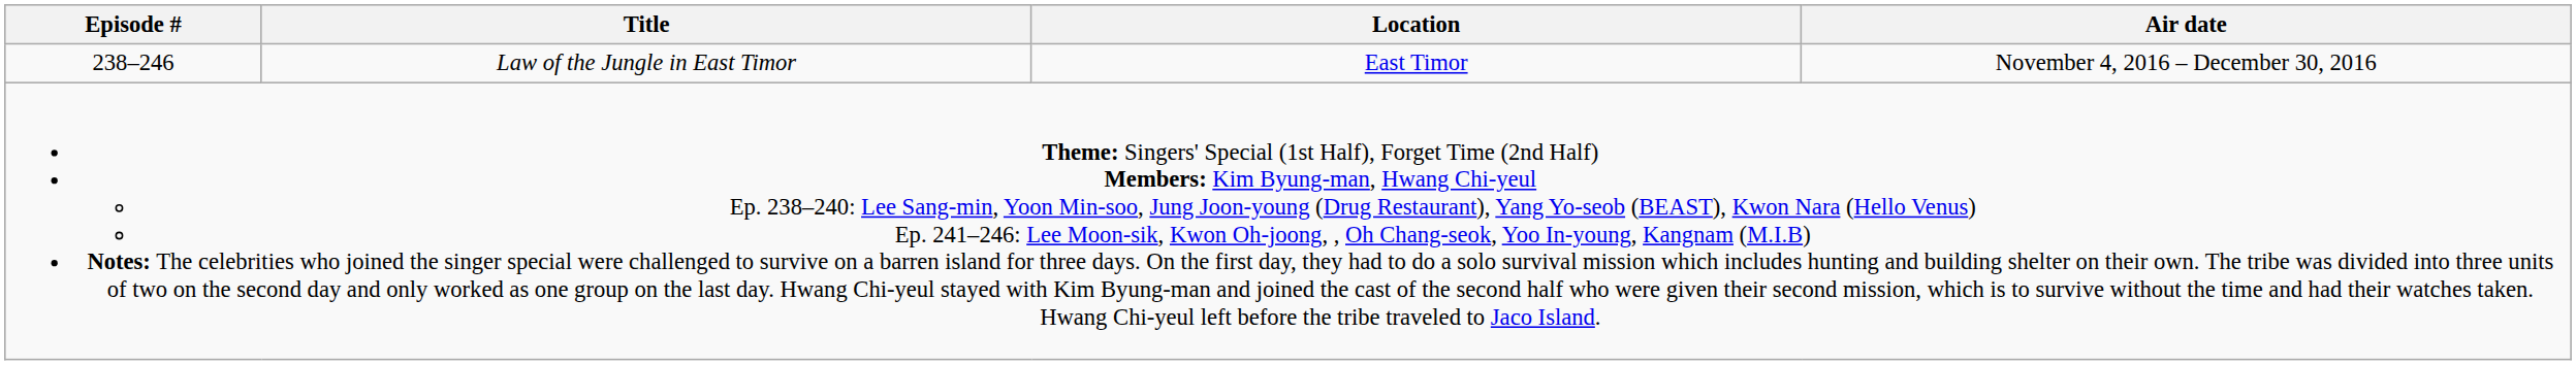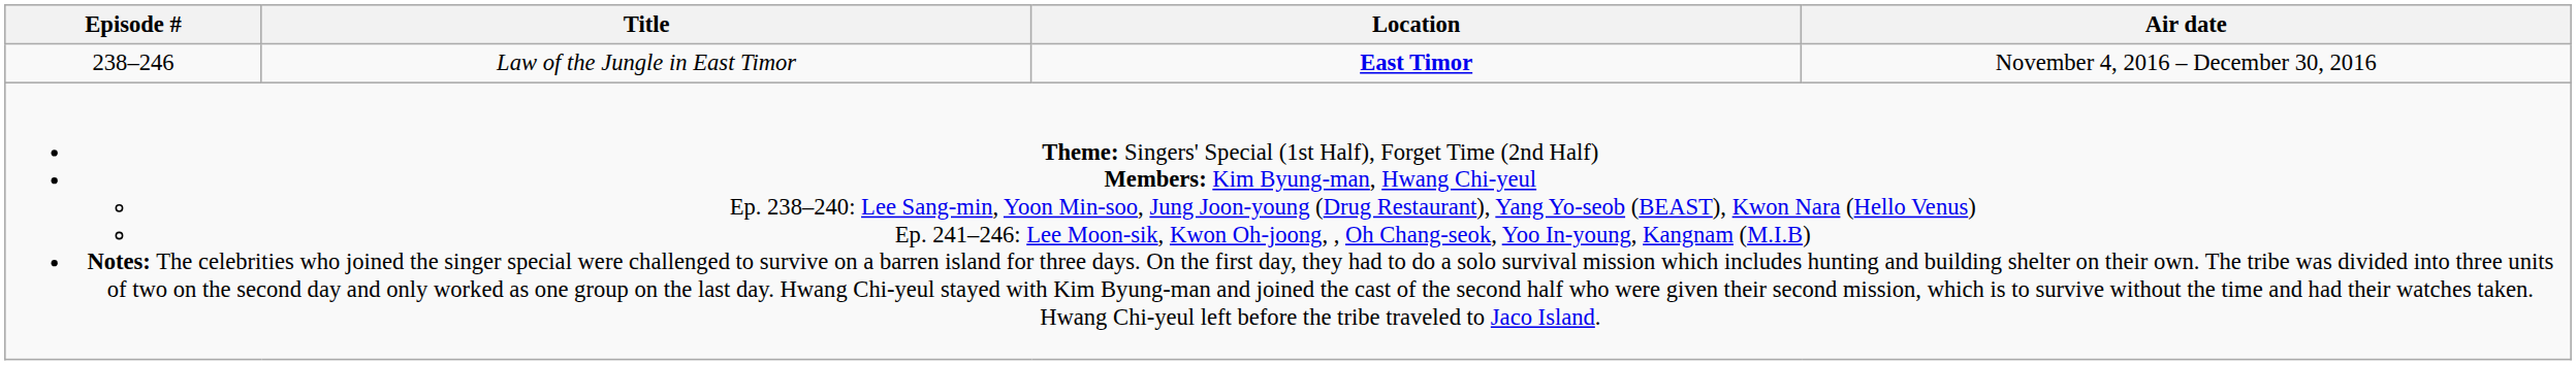 <table class="wikitable" style="text-align:center; font-size:90%; width:100%;">
 <tr>
 <th width="10%">Episode #</th>
 <th width="30%">Title</th>
 <th width="30%">Location</th>
 <th width="30%">Air date</th>
 </tr>
 <tr>
 <td>238–246</td>
 <td><em>Law of the Jungle in East Timor</em></td>
-<td><a href='#'>East Timor</a></td>
+<td><strong><a href='#'>East Timor</a></strong></td>
 <td>November 4, 2016 – December 30, 2016</td>
 </tr>
 <tr>
 <td colspan="4"><br><ul><li><strong>Theme:</strong> Singers' Special (1st Half), Forget Time (2nd Half)</li><li><strong>Members:</strong> <a href='#'>Kim Byung-man</a>, <a href='#'>Hwang Chi-yeul</a><ul><li>Ep. 238–240: <a href='#'>Lee Sang-min</a>, <a href='#'>Yoon Min-soo</a>, <a href='#'>Jung Joon-young</a> (<a href='#'>Drug Restaurant</a>), <a href='#'>Yang Yo-seob</a> (<a href='#'>BEAST</a>), <a href='#'>Kwon Nara</a> (<a href='#'>Hello Venus</a>)</li><li>Ep. 241–246: <a href='#'>Lee Moon-sik</a>, <a href='#'>Kwon Oh-joong</a>, , <a href='#'>Oh Chang-seok</a>, <a href='#'>Yoo In-young</a>, <a href='#'>Kangnam</a> (<a href='#'>M.I.B</a>)</li></ul></li><li><strong>Notes:</strong> The celebrities who joined the singer special were challenged to survive on a barren island for three days. On the first day, they had to do a solo survival mission which includes hunting and building shelter on their own. The tribe was divided into three units of two on the second day and only worked as one group on the last day. Hwang Chi-yeul stayed with Kim Byung-man and joined the cast of the second half who were given their second mission, which is to survive without the time and had their watches taken. Hwang Chi-yeul left before the tribe traveled to <a href='#'>Jaco Island</a>.</li></ul></td>
 </tr>
 </table>
